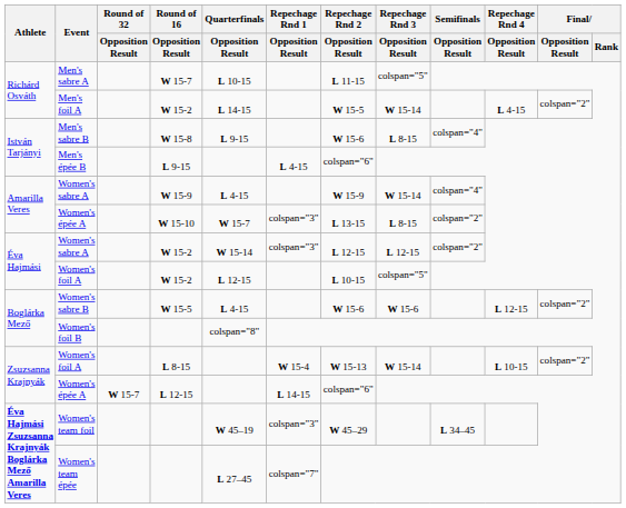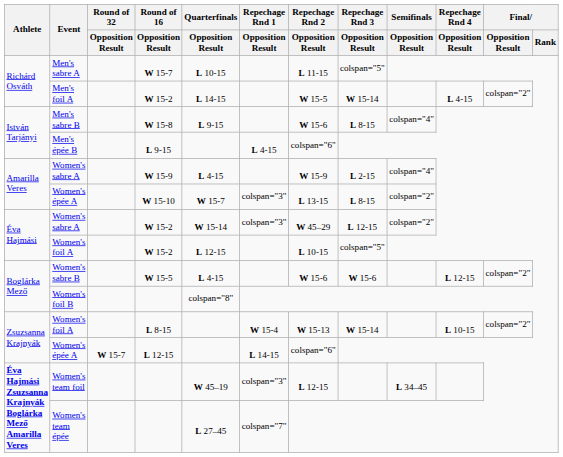 <table class="wikitable" style="font-size:80%">
 <tr align="center">
 <th rowspan="2">Athlete</th>
 <th rowspan="2">Event</th>
 <th>Round of 32</th>
 <th>Round of 16</th>
 <th>Quarterfinals</th>
 <th>Repechage Rnd 1</th>
 <th>Repechage Rnd 2</th>
 <th>Repechage Rnd 3</th>
 <th>Semifinals</th>
 <th>Repechage Rnd 4</th>
 <th colspan="2">Final/</th>
 </tr>
 <tr>
 <th>Opposition<br>Result</th>
 <th>Opposition<br>Result</th>
 <th>Opposition<br>Result</th>
 <th>Opposition<br>Result</th>
 <th>Opposition<br>Result</th>
 <th>Opposition<br>Result</th>
 <th>Opposition<br>Result</th>
 <th>Opposition<br>Result</th>
 <th>Opposition<br>Result</th>
 <th>Rank</th>
 </tr>
 <tr align="center">
 <td rowspan="2" align="left"><a href='#'>Richárd Osváth</a></td>
 <td align="left"><a href='#'>Men's sabre A</a></td>
 <td></td>
 <td><br><strong>W</strong> 15-7</td>
 <td><br><strong>L</strong> 10-15</td>
 <td></td>
 <td><br><strong>L</strong> 11-15</td>
 <td>colspan="5" </td>
 </tr>
 <tr align="center">
 <td align="left"><a href='#'>Men's foil A</a></td>
 <td></td>
 <td><br><strong>W</strong> 15-2</td>
 <td><br><strong>L</strong> 14-15</td>
 <td></td>
 <td><br><strong>W</strong> 15-5</td>
 <td><br><strong>W</strong> 15-14</td>
 <td></td>
 <td><br><strong>L</strong> 4-15</td>
 <td>colspan="2" </td>
 </tr>
 <tr align="center">
 <td rowspan="2" align="left"><a href='#'>István Tarjányi</a></td>
 <td align="left"><a href='#'>Men's sabre B</a></td>
 <td></td>
 <td><br><strong>W</strong> 15-8</td>
 <td><br><strong>L</strong> 9-15</td>
 <td></td>
 <td><br><strong>W</strong> 15-6</td>
 <td><br><strong>L</strong> 8-15</td>
 <td>colspan="4" </td>
 </tr>
 <tr align="center">
 <td align="left"><a href='#'>Men's épée B</a></td>
 <td></td>
 <td><br><strong>L</strong> 9-15</td>
 <td></td>
 <td><br><strong>L</strong> 4-15</td>
 <td>colspan="6" </td>
 </tr>
 <tr align="center">
 <td rowspan="2" align="left"><a href='#'>Amarilla Veres</a></td>
 <td align="left"><a href='#'>Women's sabre A</a></td>
 <td></td>
 <td><br><strong>W</strong> 15-9</td>
 <td><br><strong>L</strong> 4-15</td>
 <td></td>
 <td><br><strong>W</strong> 15-9</td>
-<td><br><strong>W</strong> 15-14</td>
+<td><br><strong>L</strong> 2-15</td>
 <td>colspan="4" </td>
 </tr>
 <tr align="center">
 <td align="left"><a href='#'>Women's épée A</a></td>
 <td></td>
 <td><br><strong>W</strong> 15-10</td>
 <td><br><strong>W</strong> 15-7</td>
 <td>colspan="3" </td>
 <td><br><strong>L</strong> 13-15</td>
 <td><br><strong>L</strong> 8-15</td>
 <td>colspan="2" </td>
 </tr>
 <tr align="center">
 <td rowspan="2" align="left"><a href='#'>Éva Hajmási</a></td>
 <td align="left"><a href='#'>Women's sabre A</a></td>
 <td></td>
 <td><br><strong>W</strong> 15-2</td>
 <td><br><strong>W</strong> 15-14</td>
 <td>colspan="3" </td>
-<td><br><strong>L</strong> 12-15</td>
+<td><br><strong>W</strong> 45–29</td>
 <td><br><strong>L</strong> 12-15</td>
 <td>colspan="2" </td>
 </tr>
 <tr align="center">
 <td align="left"><a href='#'>Women's foil A</a></td>
 <td></td>
 <td><br><strong>W</strong> 15-2</td>
 <td><br><strong>L</strong> 12-15</td>
 <td></td>
 <td><br><strong>L</strong> 10-15</td>
 <td>colspan="5" </td>
 </tr>
 <tr align="center">
 <td rowspan="2" align="left"><a href='#'>Boglárka Mező</a></td>
 <td align="left"><a href='#'>Women's sabre B</a></td>
 <td></td>
 <td><br><strong>W</strong> 15-5</td>
 <td><br><strong>L</strong> 4-15</td>
 <td></td>
 <td><br><strong>W</strong> 15-6</td>
 <td><br><strong>W</strong> 15-6</td>
 <td></td>
 <td><br><strong>L</strong> 12-15</td>
 <td>colspan="2" </td>
 </tr>
 <tr align="center">
 <td align="left"><a href='#'>Women's foil B</a></td>
 <td></td>
 <td><br></td>
 <td>colspan="8" </td>
 </tr>
 <tr align="center">
 <td rowspan="2" align="left"><a href='#'>Zsuzsanna Krajnyák</a></td>
 <td align="left"><a href='#'>Women's foil A</a></td>
 <td></td>
 <td><br><strong>L</strong> 8-15</td>
 <td></td>
 <td><br><strong>W</strong> 15-4</td>
 <td><br><strong>W</strong> 15-13</td>
 <td><br><strong>W</strong> 15-14</td>
 <td></td>
 <td><br><strong>L</strong> 10-15</td>
 <td>colspan="2" </td>
 </tr>
 <tr align="center">
 <td align="left"><a href='#'>Women's épée A</a></td>
 <td><br><strong>W</strong> 15-7</td>
 <td><br><strong>L</strong> 12-15</td>
 <td></td>
 <td><br><strong>L</strong> 14-15</td>
 <td>colspan="6" </td>
 </tr>
 <tr align="center">
 <td rowspan="2" align="left"><strong><a href='#'>Éva Hajmási</a><br><a href='#'>Zsuzsanna Krajnyák</a><br><a href='#'>Boglárka Mező</a><br><a href='#'>Amarilla Veres</a></strong></td>
 <td align="left"><a href='#'>Women's team foil</a></td>
 <td></td>
 <td></td>
 <td><br><strong>W</strong> 45–19</td>
 <td>colspan="3" </td>
-<td><br><strong>W</strong> 45–29</td>
+<td><br><strong>L</strong> 12-15</td>
 <td></td>
 <td><br><strong>L</strong> 34–45</td>
 <td></td>
 </tr>
 <tr align="center">
 <td align="left"><a href='#'>Women's team épée</a></td>
 <td></td>
 <td></td>
 <td><br><strong>L</strong> 27–45</td>
 <td>colspan="7" </td>
 </tr>
 </table>
